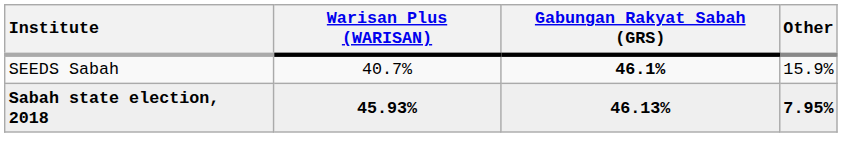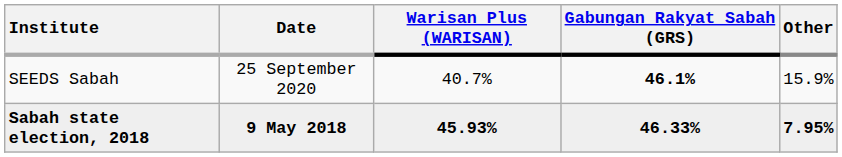 <table class="wikitable sortable zebra" style="text-align:center; width:66%;font-size:90%;">
 <tr>
 <th style="text-align:left;border-bottom:3px solid #AAAAAA;">Institute</th>
+<th style="border-bottom:3px solid #AAAAAA;">Date</th>
 <th style="border-bottom:3px solid "><a href='#'>Warisan Plus (WARISAN)</a></th>
 <th style="border-bottom:3px solid "><a href='#'>Gabungan Rakyat Sabah</a> (GRS)</th>
 <th style="border-bottom:3px solid #888888;">Other</th>
 </tr>
 <tr>
 <td style="text-align:left;">SEEDS Sabah</td>
+<td>25 September 2020</td>
 <td>40.7%</td>
 <td style="background:"><strong>46.1%</strong></td>
 <td>15.9%</td>
 </tr>
 <tr style="font-weight:bold; background:#EFEFEF;">
 <td style="text-align:left;">Sabah state election, 2018</td>
+<td>9 May 2018</td>
 <td>45.93%</td>
-<td>46.13%</td>
+<td>46.33%</td>
 <td>7.95%</td>
 </tr>
 </table>
